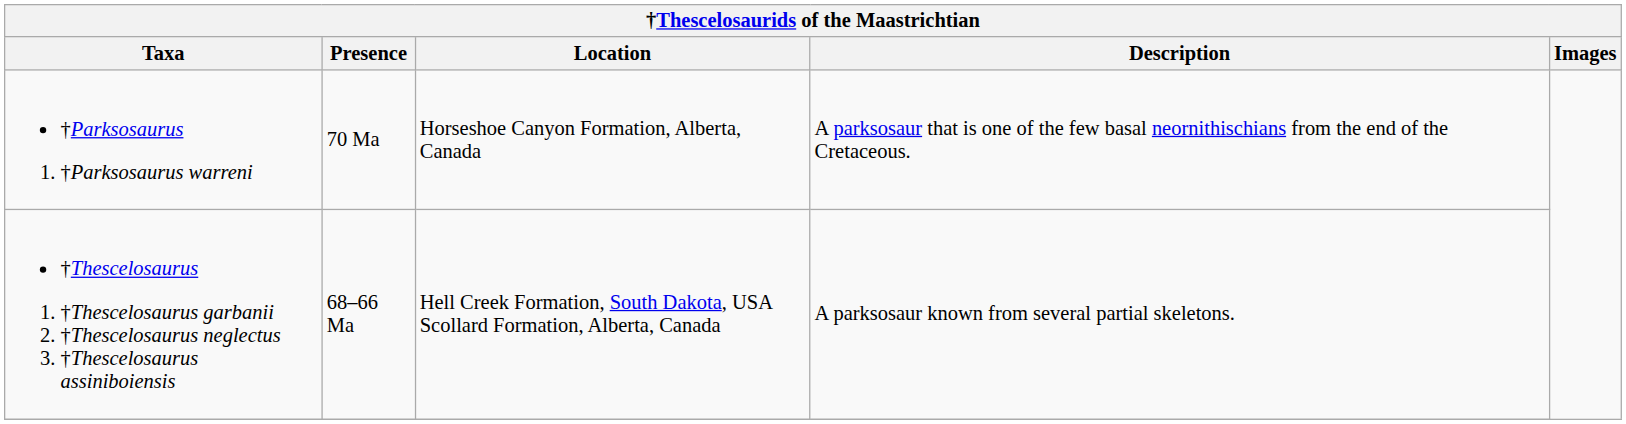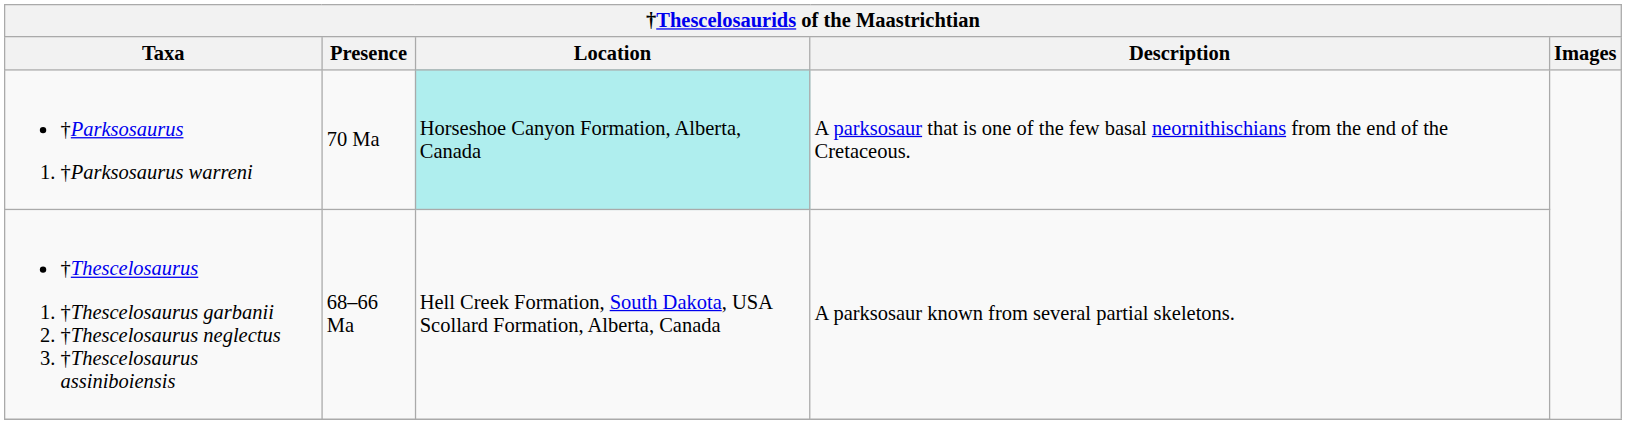 <table class="wikitable" align="center" width="100%">
 <tr>
 <th colspan="5" align="center">†<a href='#'>Thescelosaurids</a> of the Maastrichtian</th>
 </tr>
 <tr>
 <th>Taxa</th>
 <th>Presence</th>
 <th>Location</th>
 <th>Description</th>
 <th>Images</th>
 </tr>
 <tr>
 <td><br><ul><li>†<em><a href='#'>Parksosaurus</a></em></li></ul><ol><li>†<em>Parksosaurus warreni</em></li></ol></td>
 <td>70 Ma</td>
-<td>Horseshoe Canyon Formation, Alberta, Canada</td>
+<td style="background: paleturquoise;">Horseshoe Canyon Formation, Alberta, Canada</td>
 <td>A <a href='#'>parksosaur</a> that is one of the few basal <a href='#'>neornithischians</a> from the end of the Cretaceous.</td>
 <td rowspan="99"><br> </td>
 </tr>
 <tr>
 <td><br><ul><li>†<em><a href='#'>Thescelosaurus</a></em></li></ul><ol><li>†<em>Thescelosaurus garbanii</em></li><li>†<em>Thescelosaurus neglectus</em></li><li>†<em>Thescelosaurus assiniboiensis</em></li></ol></td>
 <td>68–66 Ma</td>
 <td>Hell Creek Formation, <a href='#'>South Dakota</a>, USA<br>Scollard Formation, Alberta, Canada</td>
 <td>A parksosaur known from several partial skeletons.</td>
 </tr>
 <tr>
 </tr>
 </table>
